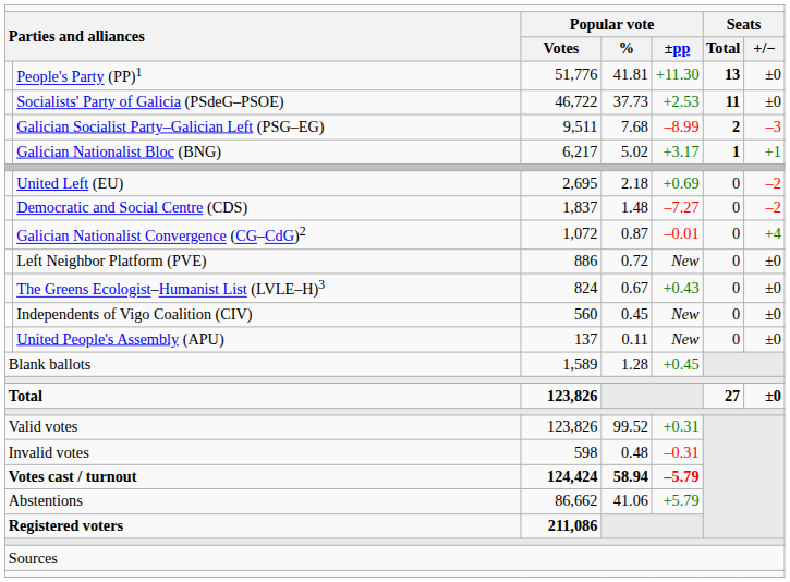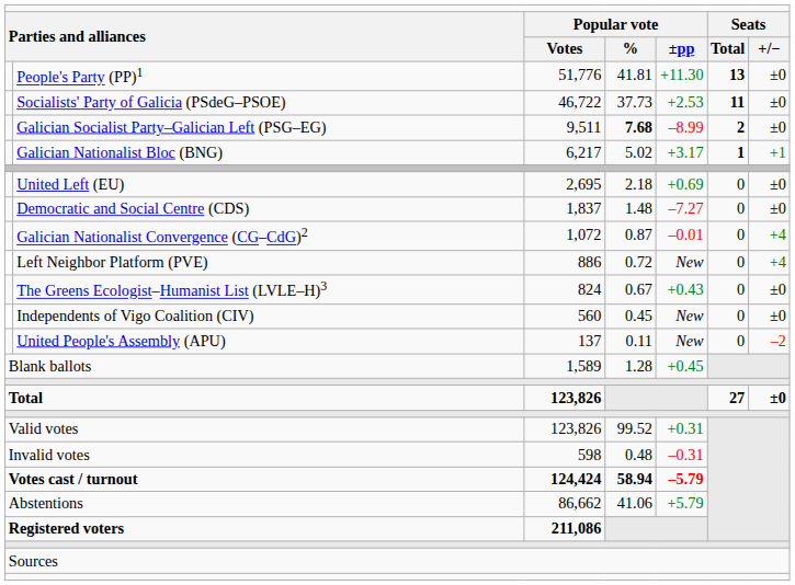 <table class="wikitable" style="text-align:right;">
 <tr>
 <td colspan="7"></td>
 </tr>
 <tr>
 <th style="text-align:left;" rowspan="2" colspan="2" width="525">Parties and alliances</th>
 <th colspan="3">Popular vote</th>
 <th colspan="2">Seats</th>
 </tr>
 <tr>
 <th width="75">Votes</th>
 <th width="45">%</th>
 <th width="45">±<a href='#'>pp</a></th>
 <th width="35">Total</th>
 <th width="35">+/−</th>
 </tr>
 <tr>
 <td width="1" style="color:inherit;background:"></td>
 <td align="left"><a href='#'>People's Party</a> (PP)<sup>1</sup></td>
 <td>51,776</td>
 <td>41.81</td>
 <td style="color:green;">+11.30</td>
 <td><strong>13</strong></td>
 <td>±0</td>
 </tr>
 <tr>
 <td style="color:inherit;background:"></td>
 <td align="left"><a href='#'>Socialists' Party of Galicia</a> (PSdeG–PSOE)</td>
 <td>46,722</td>
 <td>37.73</td>
 <td style="color:green;">+2.53</td>
 <td><strong>11</strong></td>
 <td>±0</td>
 </tr>
 <tr>
 <td style="color:inherit;background:"></td>
 <td align="left"><a href='#'>Galician Socialist Party–Galician Left</a> (PSG–EG)</td>
 <td>9,511</td>
-<td>7.68</td>
+<td><strong>7.68</strong></td>
 <td style="color:red;">–8.99</td>
 <td><strong>2</strong></td>
-<td style="color:red;">–3</td>
+<td>±0</td>
 </tr>
 <tr>
 <td style="color:inherit;background:"></td>
 <td align="left"><a href='#'>Galician Nationalist Bloc</a> (BNG)</td>
 <td>6,217</td>
 <td>5.02</td>
 <td style="color:green;">+3.17</td>
 <td><strong>1</strong></td>
 <td style="color:green;">+1</td>
 </tr>
 <tr>
 <td colspan="7" bgcolor="#C0C0C0"></td>
 </tr>
 <tr>
 <td style="color:inherit;background:"></td>
 <td align="left"><a href='#'>United Left</a> (EU)</td>
 <td>2,695</td>
 <td>2.18</td>
 <td style="color:green;">+0.69</td>
 <td>0</td>
-<td style="color:red;">–2</td>
+<td>±0</td>
 </tr>
 <tr>
 <td style="color:inherit;background:"></td>
 <td align="left"><a href='#'>Democratic and Social Centre</a> (CDS)</td>
 <td>1,837</td>
 <td>1.48</td>
 <td style="color:red;">–7.27</td>
 <td>0</td>
-<td style="color:red;">–2</td>
+<td>±0</td>
 </tr>
 <tr>
 <td style="color:inherit;background:"></td>
 <td align="left"><a href='#'>Galician Nationalist Convergence</a> (<a href='#'>CG</a>–<a href='#'>CdG</a>)<sup>2</sup></td>
 <td>1,072</td>
 <td>0.87</td>
 <td style="color:red;">–0.01</td>
 <td>0</td>
 <td style="color:green;">+4</td>
 </tr>
 <tr>
 <td bgcolor="white"></td>
 <td align="left">Left Neighbor Platform (PVE)</td>
 <td>886</td>
 <td>0.72</td>
 <td><em>New</em></td>
 <td>0</td>
-<td>±0</td>
+<td style="color:green;">+4</td>
 </tr>
 <tr>
 <td style="color:inherit;background:"></td>
 <td align="left"><a href='#'>The Greens Ecologist</a>–<a href='#'>Humanist List</a> (LVLE–H)<sup>3</sup></td>
 <td>824</td>
 <td>0.67</td>
 <td style="color:green;">+0.43</td>
 <td>0</td>
 <td>±0</td>
 </tr>
 <tr>
 <td bgcolor="white"></td>
 <td align="left">Independents of Vigo Coalition (CIV)</td>
 <td>560</td>
 <td>0.45</td>
 <td><em>New</em></td>
 <td>0</td>
 <td>±0</td>
 </tr>
 <tr>
 <td style="color:inherit;background:"></td>
 <td align="left"><a href='#'>United People's Assembly</a> (APU)</td>
 <td>137</td>
 <td>0.11</td>
 <td><em>New</em></td>
 <td>0</td>
-<td>±0</td>
+<td style="color:red;">–2</td>
 </tr>
 <tr>
 <td align="left" colspan="2">Blank ballots</td>
 <td>1,589</td>
 <td>1.28</td>
 <td style="color:green;">+0.45</td>
 <td bgcolor="#E9E9E9" colspan="2"></td>
 </tr>
 <tr>
 <td colspan="7" bgcolor="#E9E9E9"></td>
 </tr>
 <tr style="font-weight:bold;">
 <td align="left" colspan="2">Total</td>
 <td>123,826</td>
 <td bgcolor="#E9E9E9" colspan="2"></td>
 <td>27</td>
 <td>±0</td>
 </tr>
 <tr>
 <td colspan="7" bgcolor="#E9E9E9"></td>
 </tr>
 <tr>
 <td align="left" colspan="2">Valid votes</td>
 <td>123,826</td>
 <td>99.52</td>
 <td style="color:green;">+0.31</td>
 <td bgcolor="#E9E9E9" colspan="2" rowspan="5"></td>
 </tr>
 <tr>
 <td align="left" colspan="2">Invalid votes</td>
 <td>598</td>
 <td>0.48</td>
 <td style="color:red;">–0.31</td>
 </tr>
 <tr style="font-weight:bold;">
 <td align="left" colspan="2">Votes cast / turnout</td>
 <td>124,424</td>
 <td>58.94</td>
 <td style="color:red;">–5.79</td>
 </tr>
 <tr>
 <td align="left" colspan="2">Abstentions</td>
 <td>86,662</td>
 <td>41.06</td>
 <td style="color:green;">+5.79</td>
 </tr>
 <tr style="font-weight:bold;">
 <td align="left" colspan="2">Registered voters</td>
 <td>211,086</td>
 <td bgcolor="#E9E9E9" colspan="2"></td>
 </tr>
 <tr>
 <td colspan="7" bgcolor="#E9E9E9"></td>
 </tr>
 <tr>
 <td align="left" colspan="7">Sources</td>
 </tr>
 <tr>
 <td colspan="7" style="text-align:left; max-width:790px;"></td>
 </tr>
 </table>
